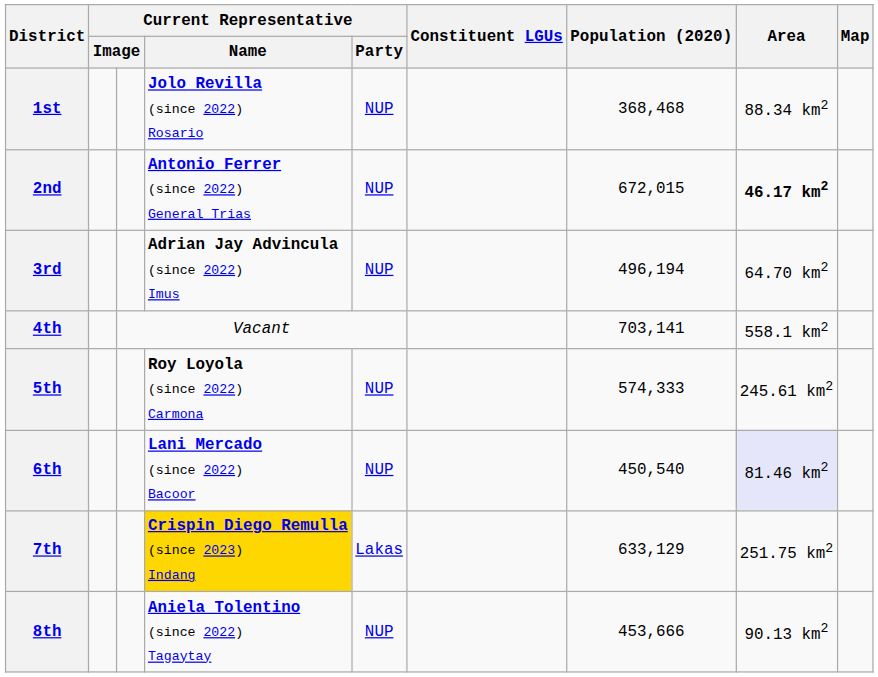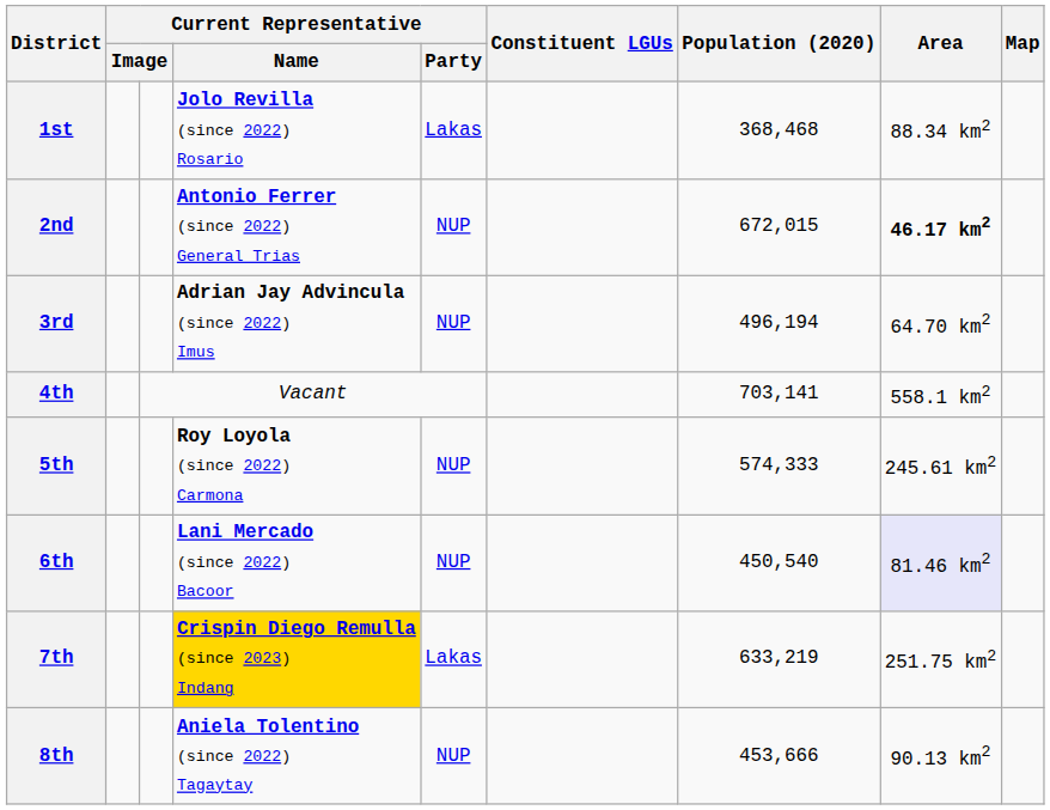 <table class="wikitable sortable" style="margin: 1em auto; font-size:100%; line-height:20px; text-align:center">
 <tr>
 <th rowspan="2">District</th>
 <th colspan="4">Current Representative</th>
 <th rowspan="2">Constituent <a href='#'>LGUs</a></th>
 <th rowspan="2">Population (2020)</th>
 <th rowspan="2">Area</th>
 <th rowspan="2">Map</th>
 </tr>
 <tr>
 <th colspan="2">Image</th>
 <th>Name</th>
 <th>Party</th>
 </tr>
 <tr>
 <th><a href='#'>1st</a></th>
 <td style="background:"></td>
 <td></td>
 <td style="text-align:left;"><strong><a href='#'>Jolo Revilla</a></strong><br><small>(since <a href='#'>2022</a>)</small><br><small><a href='#'>Rosario</a></small></td>
-<td><a href='#'>NUP</a></td>
+<td><a href='#'>Lakas</a></td>
 <td></td>
 <td>368,468</td>
 <td>88.34 km<sup>2</sup></td>
 <td></td>
 </tr>
 <tr>
 <th><a href='#'>2nd</a></th>
 <td style="background:"></td>
 <td></td>
 <td style="text-align:left;"><strong><a href='#'>Antonio Ferrer</a></strong><br><small>(since <a href='#'>2022</a>)</small><br><small><a href='#'>General Trias</a></small></td>
 <td><a href='#'>NUP</a></td>
 <td></td>
 <td>672,015</td>
 <td><strong>46.17 km<sup>2</sup></strong></td>
 <td></td>
 </tr>
 <tr>
 <th><a href='#'>3rd</a></th>
 <td style="background:"></td>
 <td></td>
 <td style="text-align:left;"><strong>Adrian Jay Advincula</strong><br><small>(since <a href='#'>2022</a>)</small><br><small><a href='#'>Imus</a></small></td>
 <td><a href='#'>NUP</a></td>
 <td></td>
 <td>496,194</td>
 <td>64.70 km<sup>2</sup></td>
 <td></td>
 </tr>
 <tr>
 <th><a href='#'>4th</a></th>
 <td></td>
 <td colspan=3><em>Vacant</em></td>
 <td></td>
 <td>703,141</td>
 <td>558.1 km<sup>2</sup></td>
 <td></td>
 </tr>
 <tr>
 <th><a href='#'>5th</a></th>
 <td style="background:"></td>
 <td></td>
 <td style="text-align:left;"><strong>Roy Loyola</strong><br><small>(since <a href='#'>2022</a>)</small><br><small><a href='#'>Carmona</a></small></td>
 <td><a href='#'>NUP</a></td>
 <td></td>
 <td>574,333</td>
 <td>245.61 km<sup>2</sup></td>
 <td></td>
 </tr>
 <tr>
 <th><a href='#'>6th</a></th>
 <td style="background:"></td>
 <td></td>
 <td style="text-align:left;"><strong><a href='#'>Lani Mercado</a></strong><br><small>(since <a href='#'>2022</a>)</small><br><small><a href='#'>Bacoor</a></small></td>
 <td><a href='#'>NUP</a></td>
 <td></td>
 <td>450,540</td>
 <td style="background: lavender;">81.46 km<sup>2</sup></td>
 <td></td>
 </tr>
 <tr>
 <th><a href='#'>7th</a></th>
 <td style="background:"></td>
 <td></td>
 <td style="background: gold; text-align:left;"><strong><a href='#'>Crispin Diego Remulla</a></strong><br><small>(since <a href='#'>2023</a>)</small><br><small><a href='#'>Indang</a></small></td>
 <td><a href='#'>Lakas</a></td>
 <td></td>
-<td>633,129</td>
+<td>633,219</td>
 <td>251.75 km<sup>2</sup></td>
 <td></td>
 </tr>
 <tr>
 <th><a href='#'>8th</a></th>
 <td style="background:"></td>
 <td></td>
 <td style="text-align:left;"><strong><a href='#'>Aniela Tolentino</a></strong><br><small>(since <a href='#'>2022</a>)</small><br><small><a href='#'>Tagaytay</a></small></td>
 <td><a href='#'>NUP</a></td>
 <td></td>
 <td>453,666</td>
 <td>90.13 km<sup>2</sup></td>
 <td></td>
 </tr>
 </table>
